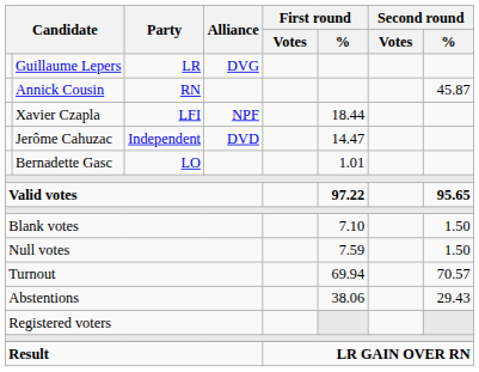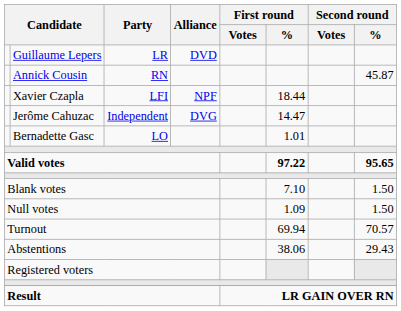 <table class="wikitable" style="text-align:right;font-size:95%;">
 <tr>
 <th colspan="2" rowspan="2">Candidate</th>
 <th colspan="1" rowspan="2">Party</th>
 <th colspan="1" rowspan="2">Alliance</th>
 <th colspan="2">First round</th>
 <th colspan="2">Second round</th>
 </tr>
 <tr>
 <th style="width:50px;">Votes</th>
 <th style="width:45px;">%</th>
 <th style="width:50px;">Votes</th>
 <th style="width:45px;">%</th>
 </tr>
 <tr>
 <td style="color:inherit;background:"></td>
 <td style="text-align:left;"><a href='#'>Guillaume Lepers</a></td>
 <td><a href='#'>LR</a></td>
-<td><a href='#'>DVG</a></td>
+<td><a href='#'>DVD</a></td>
 <td></td>
 <td></td>
 <td><strong></strong></td>
 <td><strong></strong></td>
 </tr>
 <tr>
 <td style="color:inherit;background:"></td>
 <td style="text-align:left;"><a href='#'>Annick Cousin</a></td>
 <td><a href='#'>RN</a></td>
 <td></td>
 <td></td>
 <td></td>
 <td></td>
 <td>45.87</td>
 </tr>
 <tr>
 <td style="color:inherit;background:"></td>
 <td style="text-align:left;">Xavier Czapla</td>
 <td><a href='#'>LFI</a></td>
 <td><a href='#'>NPF</a></td>
 <td></td>
 <td>18.44</td>
 <td></td>
 <td></td>
 </tr>
 <tr>
 <td style="color:inherit;background:"></td>
 <td style="text-align:left;">Jerôme Cahuzac</td>
 <td><a href='#'>Independent</a></td>
-<td><a href='#'>DVD</a></td>
+<td><a href='#'>DVG</a></td>
 <td></td>
 <td>14.47</td>
 <td></td>
 <td></td>
 </tr>
 <tr>
 <td style="color:inherit;background:"></td>
 <td style="text-align:left;">Bernadette Gasc</td>
 <td><a href='#'>LO</a></td>
 <td></td>
 <td></td>
 <td>1.01</td>
 <td></td>
 <td></td>
 </tr>
 <tr>
 <td colspan="8" style="background:#E9E9E9;"></td>
 </tr>
 <tr style="font-weight:bold;">
 <td colspan="4" style="text-align:left;">Valid votes</td>
 <td></td>
 <td>97.22</td>
 <td></td>
 <td>95.65</td>
 </tr>
 <tr>
 <td colspan="8" style="background:#E9E9E9;"></td>
 </tr>
 <tr>
 <td colspan="4" style="text-align:left;">Blank votes</td>
 <td></td>
 <td>7.10</td>
 <td></td>
 <td>1.50</td>
 </tr>
 <tr>
 <td colspan="4" style="text-align:left;">Null votes</td>
 <td></td>
-<td>7.59</td>
+<td>1.09</td>
 <td></td>
 <td>1.50</td>
 </tr>
 <tr>
 <td colspan="4" style="text-align:left;">Turnout</td>
 <td></td>
 <td>69.94</td>
 <td></td>
 <td>70.57</td>
 </tr>
 <tr>
 <td colspan="4" style="text-align:left;">Abstentions</td>
 <td></td>
 <td>38.06</td>
 <td></td>
 <td>29.43</td>
 </tr>
 <tr>
 <td colspan="4" style="text-align:left;">Registered voters</td>
 <td></td>
 <td style="background:#E9E9E9;"></td>
 <td></td>
 <td style="background:#E9E9E9;"></td>
 </tr>
 <tr>
 <td colspan="8" style="background:#E9E9E9;"></td>
 </tr>
 <tr>
 </tr>
 <tr style="font-weight:bold">
 <td colspan="4" style="text-align:left;">Result</td>
 <td colspan="4" style="background-color:">LR GAIN OVER RN</td>
 </tr>
 </table>
